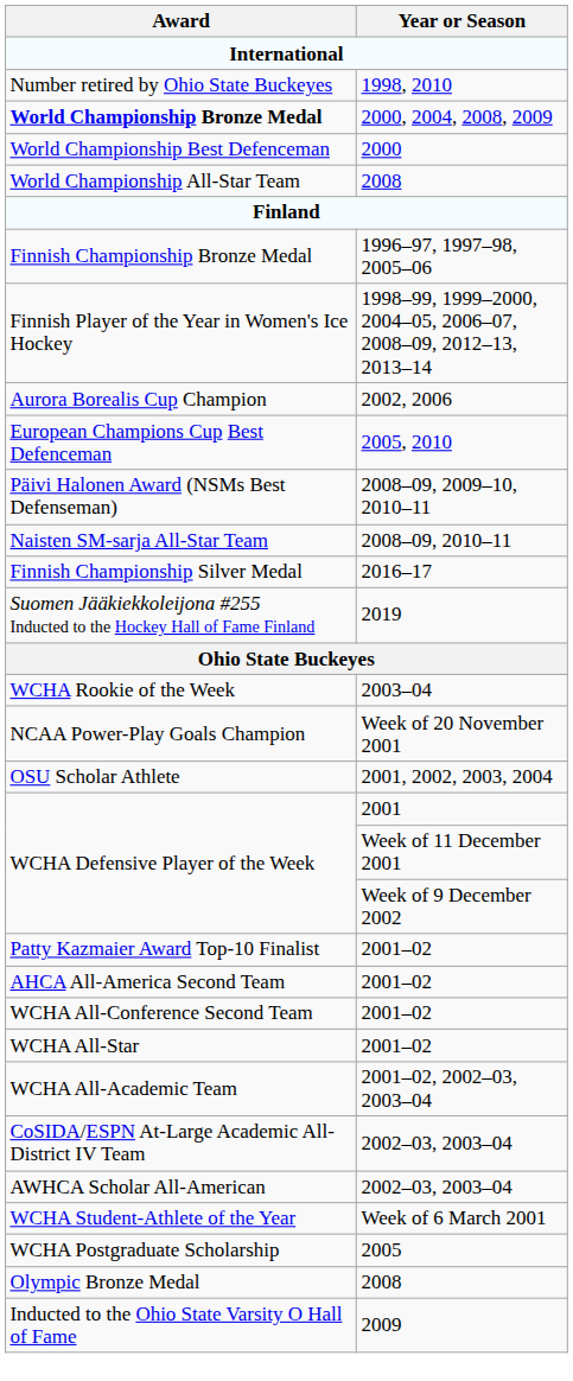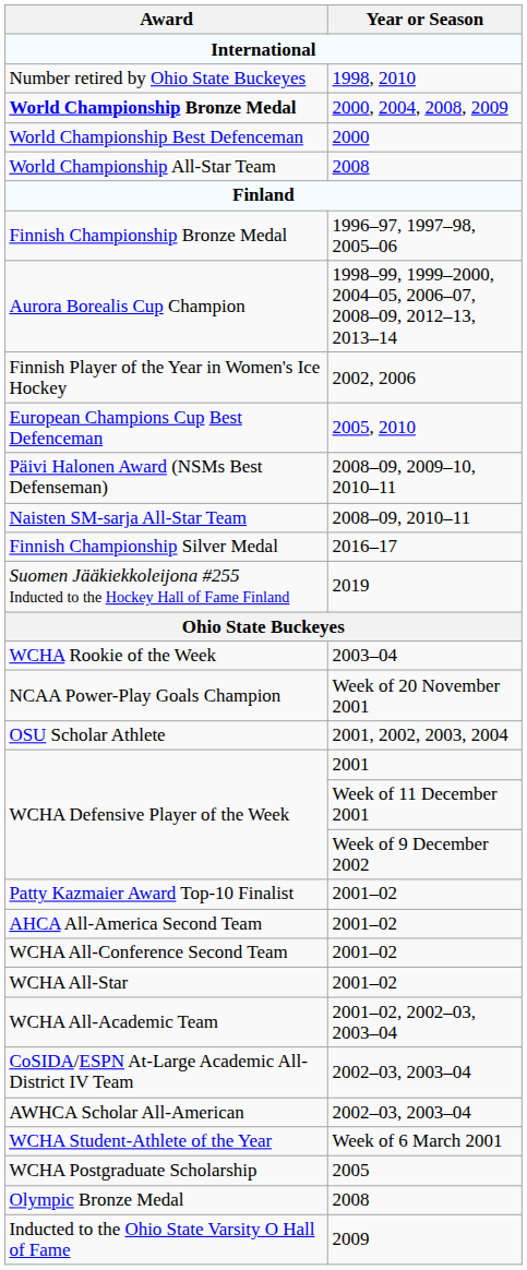 <table class="wikitable">
 <tr>
 <th scope="col" style="width:17em">Award</th>
 <th scope="col" style="width:10em">Year or Season</th>
 </tr>
 <tr>
 <th colspan="2" style="text-align:center; background:#f5fcff;">International</th>
 </tr>
 <tr>
 <td>Number retired by <a href='#'>Ohio State Buckeyes</a></td>
 <td><a href='#'>1998</a>, <a href='#'>2010</a></td>
 </tr>
 <tr>
 <td><strong><a href='#'>World Championship</a> Bronze Medal</strong></td>
 <td><a href='#'>2000</a>, <a href='#'>2004</a>, <a href='#'>2008</a>, <a href='#'>2009</a></td>
 </tr>
 <tr>
 <td><a href='#'>World Championship Best Defenceman</a></td>
 <td><a href='#'>2000</a></td>
 </tr>
 <tr>
 <td><a href='#'>World Championship</a> All-Star Team</td>
 <td><a href='#'>2008</a></td>
 </tr>
 <tr>
 <th colspan="2" style="text-align:center; background:#f5fcff;">Finland</th>
 </tr>
 <tr>
 <td><a href='#'>Finnish Championship</a> Bronze Medal</td>
 <td>1996–97, 1997–98, 2005–06</td>
 </tr>
 <tr>
-<td>Finnish Player of the Year in Women's Ice Hockey</td>
+<td><a href='#'>Aurora Borealis Cup</a> Champion</td>
 <td>1998–99, 1999–2000, 2004–05, 2006–07, 2008–09, 2012–13, 2013–14</td>
 </tr>
 <tr>
-<td><a href='#'>Aurora Borealis Cup</a> Champion</td>
+<td>Finnish Player of the Year in Women's Ice Hockey</td>
 <td>2002, 2006</td>
 </tr>
 <tr>
 <td><a href='#'>European Champions Cup</a> <a href='#'>Best Defenceman</a></td>
 <td><a href='#'>2005</a>, <a href='#'>2010</a></td>
 </tr>
 <tr>
 <td><a href='#'>Päivi Halonen Award</a> (NSMs Best Defenseman)</td>
 <td>2008–09, 2009–10, 2010–11</td>
 </tr>
 <tr>
 <td><a href='#'>Naisten SM-sarja All-Star Team</a></td>
 <td>2008–09, 2010–11</td>
 </tr>
 <tr>
 <td><a href='#'>Finnish Championship</a> Silver Medal</td>
 <td>2016–17</td>
 </tr>
 <tr>
 <td><em>Suomen Jääkiekkoleijona #255</em><br><small>Inducted to the <a href='#'>Hockey Hall of Fame Finland</a></small></td>
 <td>2019</td>
 </tr>
 <tr>
 <th colspan="2" style="text-align:center; ">Ohio State Buckeyes</th>
 </tr>
 <tr>
 <td><a href='#'>WCHA</a> Rookie of the Week</td>
 <td>2003–04</td>
 </tr>
 <tr>
 <td>NCAA Power-Play Goals Champion</td>
 <td>Week of 20 November 2001</td>
 </tr>
 <tr>
 <td><a href='#'>OSU</a> Scholar Athlete</td>
 <td>2001, 2002, 2003, 2004</td>
 </tr>
 <tr>
 <td rowspan="3">WCHA Defensive Player of the Week</td>
 <td>2001</td>
 </tr>
 <tr>
 <td>Week of 11 December 2001</td>
 </tr>
 <tr>
 <td>Week of 9 December 2002</td>
 </tr>
 <tr>
 <td><a href='#'>Patty Kazmaier Award</a> Top-10 Finalist</td>
 <td>2001–02</td>
 </tr>
 <tr>
 <td><a href='#'>AHCA</a> All-America Second Team</td>
 <td>2001–02</td>
 </tr>
 <tr>
 <td>WCHA All-Conference Second Team</td>
 <td>2001–02</td>
 </tr>
 <tr>
 <td>WCHA All-Star</td>
 <td>2001–02</td>
 </tr>
 <tr>
 <td>WCHA All-Academic Team</td>
 <td>2001–02, 2002–03, 2003–04</td>
 </tr>
 <tr>
 <td><a href='#'>CoSIDA</a>/<a href='#'>ESPN</a> At-Large Academic All-District IV Team</td>
 <td>2002–03, 2003–04</td>
 </tr>
 <tr>
 <td>AWHCA Scholar All-American</td>
 <td>2002–03, 2003–04</td>
 </tr>
 <tr>
 <td><a href='#'>WCHA Student-Athlete of the Year</a></td>
 <td>Week of 6 March 2001</td>
 </tr>
 <tr>
 <td>WCHA Postgraduate Scholarship</td>
 <td>2005</td>
 </tr>
 <tr>
 <td><a href='#'>Olympic</a> Bronze Medal</td>
 <td>2008</td>
 </tr>
 <tr>
 <td>Inducted to the <a href='#'>Ohio State Varsity O Hall of Fame</a></td>
 <td>2009</td>
 </tr>
 </table>
